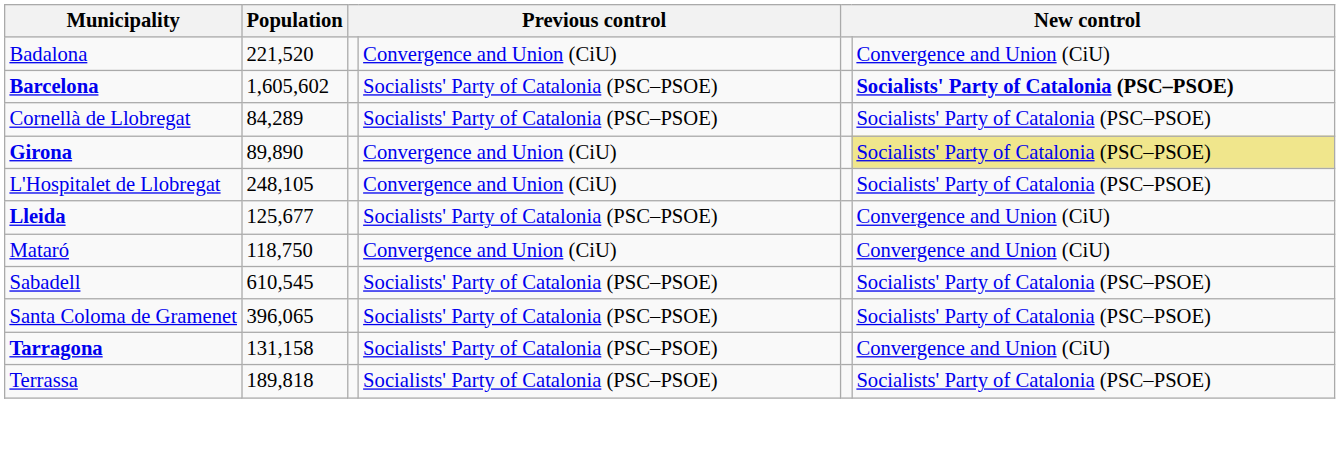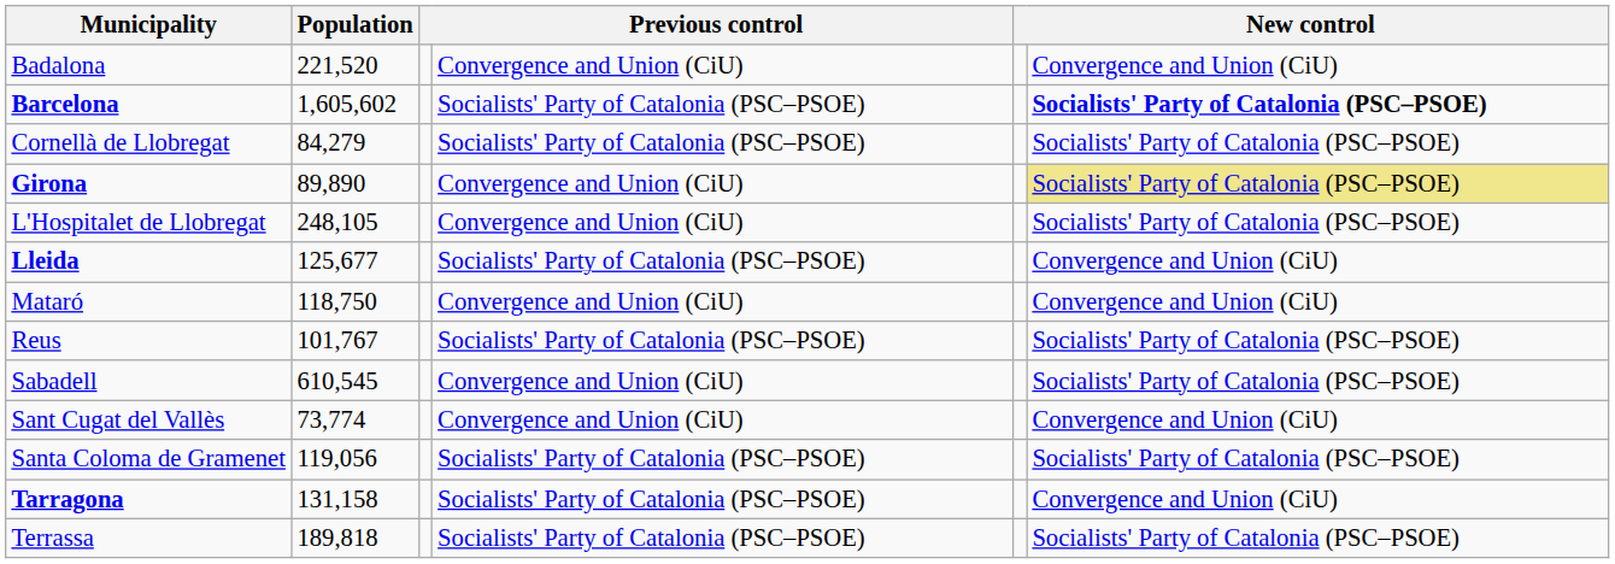 <table class="wikitable sortable">
 <tr>
 <th>Municipality</th>
 <th>Population</th>
 <th colspan="2" style="width:375px;">Previous control</th>
 <th colspan="2" style="width:375px;">New control</th>
 </tr>
 <tr>
 <td><a href='#'>Badalona</a></td>
 <td>221,520</td>
 <td width="1" style="color:inherit;background:"></td>
 <td><a href='#'>Convergence and Union</a> (CiU)</td>
 <td width="1" style="color:inherit;background:"></td>
 <td><a href='#'>Convergence and Union</a> (CiU)</td>
 </tr>
 <tr>
 <td><strong><a href='#'>Barcelona</a></strong></td>
 <td>1,605,602</td>
 <td style="color:inherit;background:"></td>
 <td><a href='#'>Socialists' Party of Catalonia</a> (PSC–PSOE)</td>
 <td style="color:inherit;background:"></td>
 <td><strong><a href='#'>Socialists' Party of Catalonia</a> (PSC–PSOE)</strong></td>
 </tr>
 <tr>
 <td><a href='#'>Cornellà de Llobregat</a></td>
-<td>84,289</td>
+<td>84,279</td>
 <td style="color:inherit;background:"></td>
 <td><a href='#'>Socialists' Party of Catalonia</a> (PSC–PSOE)</td>
 <td style="color:inherit;background:"></td>
 <td><a href='#'>Socialists' Party of Catalonia</a> (PSC–PSOE)</td>
 </tr>
 <tr>
 <td><strong><a href='#'>Girona</a></strong></td>
 <td>89,890</td>
 <td style="color:inherit;background:"></td>
 <td><a href='#'>Convergence and Union</a> (CiU)</td>
 <td style="color:inherit;background:"></td>
 <td style="background: khaki;"><a href='#'>Socialists' Party of Catalonia</a> (PSC–PSOE)</td>
 </tr>
 <tr>
 <td><a href='#'>L'Hospitalet de Llobregat</a></td>
 <td>248,105</td>
 <td style="color:inherit;background:"></td>
 <td><a href='#'>Convergence and Union</a> (CiU)</td>
 <td style="color:inherit;background:"></td>
 <td><a href='#'>Socialists' Party of Catalonia</a> (PSC–PSOE)</td>
 </tr>
 <tr>
 <td><strong><a href='#'>Lleida</a></strong></td>
 <td>125,677</td>
 <td style="color:inherit;background:"></td>
 <td><a href='#'>Socialists' Party of Catalonia</a> (PSC–PSOE)</td>
 <td style="color:inherit;background:"></td>
 <td><a href='#'>Convergence and Union</a> (CiU)</td>
 </tr>
 <tr>
 <td><a href='#'>Mataró</a></td>
 <td>118,750</td>
 <td style="color:inherit;background:"></td>
 <td><a href='#'>Convergence and Union</a> (CiU)</td>
 <td style="color:inherit;background:"></td>
 <td><a href='#'>Convergence and Union</a> (CiU)</td>
 </tr>
 <tr>
-<td><a href='#'>Sabadell</a></td>
-<td>610,545</td>
+<td><a href='#'>Reus</a></td>
+<td>101,767</td>
 <td style="color:inherit;background:"></td>
 <td><a href='#'>Socialists' Party of Catalonia</a> (PSC–PSOE)</td>
 <td style="color:inherit;background:"></td>
 <td><a href='#'>Socialists' Party of Catalonia</a> (PSC–PSOE)</td>
 </tr>
 <tr>
+<td><a href='#'>Sabadell</a></td>
+<td>610,545</td>
+<td style="color:inherit;background:"></td>
+<td><a href='#'>Convergence and Union</a> (CiU)</td>
+<td style="color:inherit;background:"></td>
+<td><a href='#'>Socialists' Party of Catalonia</a> (PSC–PSOE)</td>
+</tr>
+<tr>
+<td><a href='#'>Sant Cugat del Vallès</a></td>
+<td>73,774</td>
+<td style="color:inherit;background:"></td>
+<td><a href='#'>Convergence and Union</a> (CiU)</td>
+<td style="color:inherit;background:"></td>
+<td><a href='#'>Convergence and Union</a> (CiU)</td>
+</tr>
+<tr>
 <td><a href='#'>Santa Coloma de Gramenet</a></td>
-<td>396,065</td>
+<td>119,056</td>
 <td style="color:inherit;background:"></td>
 <td><a href='#'>Socialists' Party of Catalonia</a> (PSC–PSOE)</td>
 <td style="color:inherit;background:"></td>
 <td><a href='#'>Socialists' Party of Catalonia</a> (PSC–PSOE)</td>
 </tr>
 <tr>
 <td><strong><a href='#'>Tarragona</a></strong></td>
 <td>131,158</td>
 <td style="color:inherit;background:"></td>
 <td><a href='#'>Socialists' Party of Catalonia</a> (PSC–PSOE)</td>
 <td style="color:inherit;background:"></td>
 <td><a href='#'>Convergence and Union</a> (CiU)</td>
 </tr>
 <tr>
 <td><a href='#'>Terrassa</a></td>
 <td>189,818</td>
 <td style="color:inherit;background:"></td>
 <td><a href='#'>Socialists' Party of Catalonia</a> (PSC–PSOE)</td>
 <td style="color:inherit;background:"></td>
 <td><a href='#'>Socialists' Party of Catalonia</a> (PSC–PSOE)</td>
 </tr>
 </table>
